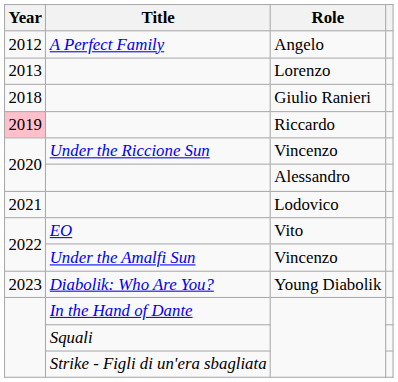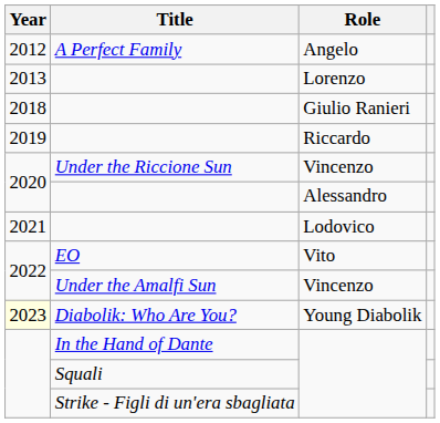 <table class="wikitable sortable">
 <tr>
 <th>Year</th>
 <th>Title</th>
 <th>Role</th>
 <th class="unsortable"></th>
 </tr>
 <tr>
 <td>2012</td>
 <td><em><a href='#'>A Perfect Family</a></em></td>
 <td>Angelo</td>
 <td></td>
 </tr>
 <tr>
 <td>2013</td>
 <td></td>
 <td>Lorenzo</td>
 <td></td>
 </tr>
 <tr>
 <td>2018</td>
 <td></td>
 <td>Giulio Ranieri</td>
 <td></td>
 </tr>
 <tr>
-<td style="background: pink;">2019</td>
+<td>2019</td>
 <td></td>
 <td>Riccardo</td>
 <td></td>
 </tr>
 <tr>
 <td rowspan="2">2020</td>
 <td><em><a href='#'>Under the Riccione Sun</a></em></td>
 <td>Vincenzo</td>
 <td></td>
 </tr>
 <tr>
 <td></td>
 <td>Alessandro</td>
 <td></td>
 </tr>
 <tr>
 <td>2021</td>
 <td></td>
 <td>Lodovico</td>
 <td></td>
 </tr>
 <tr>
 <td rowspan="2">2022</td>
 <td><em><a href='#'>EO</a></em></td>
 <td>Vito</td>
 <td></td>
 </tr>
 <tr>
 <td><em><a href='#'>Under the Amalfi Sun</a></em></td>
 <td>Vincenzo</td>
 <td></td>
 </tr>
 <tr>
-<td>2023</td>
+<td style="background: lightyellow;">2023</td>
 <td><em><a href='#'>Diabolik: Who Are You?</a></em></td>
 <td>Young Diabolik</td>
 <td></td>
 </tr>
 <tr>
 <td rowspan="3"></td>
 <td><em><a href='#'>In the Hand of Dante</a></em></td>
 <td rowspan="3"></td>
 <td></td>
 </tr>
 <tr>
 <td><em>Squali</em></td>
 <td></td>
 </tr>
 <tr>
 <td><em>Strike - Figli di un'era sbagliata</em></td>
 <td></td>
 </tr>
 </table>
